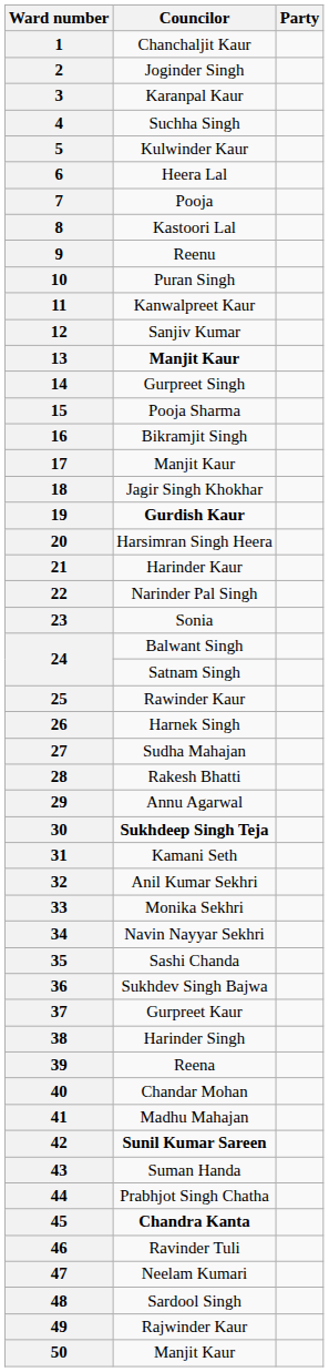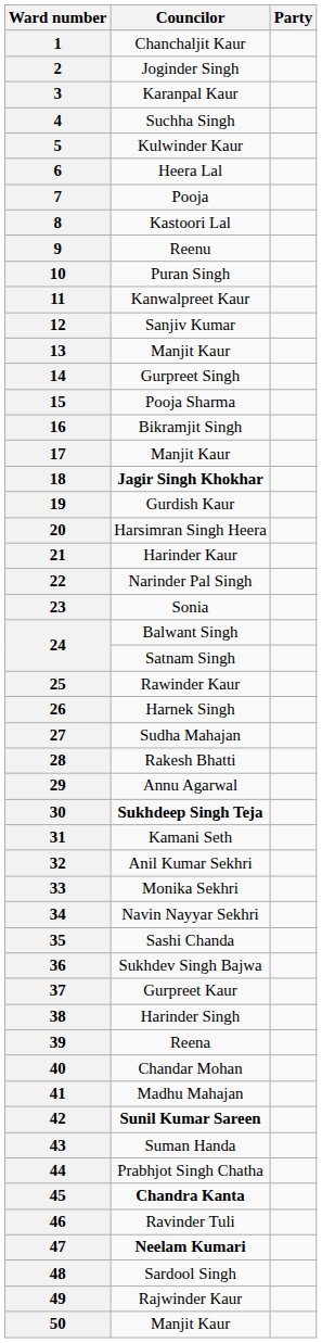 <table class="wikitable" style="text-align:center">
 <tr>
 <th>Ward number</th>
 <th>Councilor</th>
 <th colspan=2>Party</th>
 </tr>
 <tr>
 <th>1</th>
 <td>Chanchaljit Kaur</td>
 <td></td>
 </tr>
 <tr>
 <th>2</th>
 <td>Joginder Singh</td>
 <td></td>
 </tr>
 <tr>
 <th>3</th>
 <td>Karanpal Kaur</td>
 <td></td>
 </tr>
 <tr>
 <th>4</th>
 <td>Suchha Singh</td>
 <td></td>
 </tr>
 <tr>
 <th>5</th>
 <td>Kulwinder Kaur</td>
 <td></td>
 </tr>
 <tr>
 <th>6</th>
 <td>Heera Lal</td>
 <td></td>
 </tr>
 <tr>
 <th>7</th>
 <td>Pooja</td>
 <td></td>
 </tr>
 <tr>
 <th>8</th>
 <td>Kastoori Lal</td>
 <td></td>
 </tr>
 <tr>
 <th>9</th>
 <td>Reenu</td>
 <td></td>
 </tr>
 <tr>
 <th>10</th>
 <td>Puran Singh</td>
 <td></td>
 </tr>
 <tr>
 <th>11</th>
 <td>Kanwalpreet Kaur</td>
 <td></td>
 </tr>
 <tr>
 <th>12</th>
 <td>Sanjiv Kumar</td>
 <td></td>
 </tr>
 <tr>
 <th>13</th>
-<td><strong>Manjit Kaur</strong></td>
+<td>Manjit Kaur</td>
 <td></td>
 </tr>
 <tr>
 <th>14</th>
 <td>Gurpreet Singh</td>
 <td></td>
 </tr>
 <tr>
 <th>15</th>
 <td>Pooja Sharma</td>
 <td></td>
 </tr>
 <tr>
 <th>16</th>
 <td>Bikramjit Singh</td>
 <td></td>
 </tr>
 <tr>
 <th>17</th>
 <td>Manjit Kaur</td>
 <td></td>
 </tr>
 <tr>
 <th>18</th>
-<td>Jagir Singh Khokhar</td>
+<td><strong>Jagir Singh Khokhar</strong></td>
 <td></td>
 </tr>
 <tr>
 <th>19</th>
-<td><strong>Gurdish Kaur</strong></td>
+<td>Gurdish Kaur</td>
 <td></td>
 </tr>
 <tr>
 <th>20</th>
 <td>Harsimran Singh Heera</td>
 <td></td>
 </tr>
 <tr>
 <th>21</th>
 <td>Harinder Kaur</td>
 <td></td>
 </tr>
 <tr>
 <th>22</th>
 <td>Narinder Pal Singh</td>
 <td></td>
 </tr>
 <tr>
 <th>23</th>
 <td>Sonia</td>
 <td></td>
 </tr>
 <tr>
 <th rowspan=2>24</th>
 <td>Balwant Singh</td>
 <td></td>
 </tr>
 <tr>
 <td>Satnam Singh</td>
 <td></td>
 </tr>
 <tr>
 <th>25</th>
 <td>Rawinder Kaur</td>
 <td></td>
 </tr>
 <tr>
 <th>26</th>
 <td>Harnek Singh</td>
 <td></td>
 </tr>
 <tr>
 <th>27</th>
 <td>Sudha Mahajan</td>
 <td></td>
 </tr>
 <tr>
 <th>28</th>
 <td>Rakesh Bhatti</td>
 <td></td>
 </tr>
 <tr>
 <th>29</th>
 <td>Annu Agarwal</td>
 <td></td>
 </tr>
 <tr>
 <th>30</th>
 <td><strong>Sukhdeep Singh Teja</strong><br></td>
 <td></td>
 </tr>
 <tr>
 <th>31</th>
 <td>Kamani Seth</td>
 <td></td>
 </tr>
 <tr>
 <th>32</th>
 <td>Anil Kumar Sekhri</td>
 <td></td>
 </tr>
 <tr>
 <th>33</th>
 <td>Monika Sekhri</td>
 <td></td>
 </tr>
 <tr>
 <th>34</th>
 <td>Navin Nayyar Sekhri</td>
 <td></td>
 </tr>
 <tr>
 <th>35</th>
 <td>Sashi Chanda</td>
 <td></td>
 </tr>
 <tr>
 <th>36</th>
 <td>Sukhdev Singh Bajwa</td>
 <td></td>
 </tr>
 <tr>
 <th>37</th>
 <td>Gurpreet Kaur</td>
 <td></td>
 </tr>
 <tr>
 <th>38</th>
 <td>Harinder Singh</td>
 <td></td>
 </tr>
 <tr>
 <th>39</th>
 <td>Reena</td>
 <td></td>
 </tr>
 <tr>
 <th>40</th>
 <td>Chandar Mohan</td>
 <td></td>
 </tr>
 <tr>
 <th>41</th>
 <td>Madhu Mahajan</td>
 <td></td>
 </tr>
 <tr>
 <th>42</th>
 <td><strong>Sunil Kumar Sareen</strong><br></td>
 <td></td>
 </tr>
 <tr>
 <th>43</th>
 <td>Suman Handa</td>
 <td></td>
 </tr>
 <tr>
 <th>44</th>
 <td>Prabhjot Singh Chatha</td>
 <td></td>
 </tr>
 <tr>
 <th>45</th>
 <td><strong>Chandra Kanta</strong><br></td>
 <td></td>
 </tr>
 <tr>
 <th>46</th>
 <td>Ravinder Tuli</td>
 <td></td>
 </tr>
 <tr>
 <th>47</th>
-<td>Neelam Kumari</td>
+<td><strong>Neelam Kumari</strong></td>
 <td></td>
 </tr>
 <tr>
 <th>48</th>
 <td>Sardool Singh</td>
 <td></td>
 </tr>
 <tr>
 <th>49</th>
 <td>Rajwinder Kaur</td>
 <td></td>
 </tr>
 <tr>
 <th>50</th>
 <td>Manjit Kaur</td>
 <td></td>
 </tr>
 </table>
